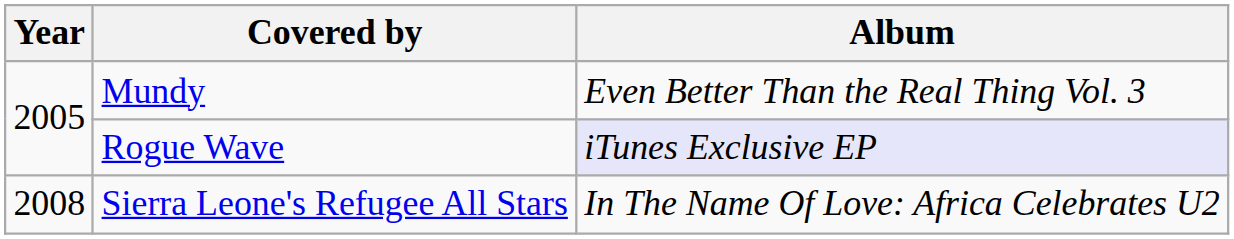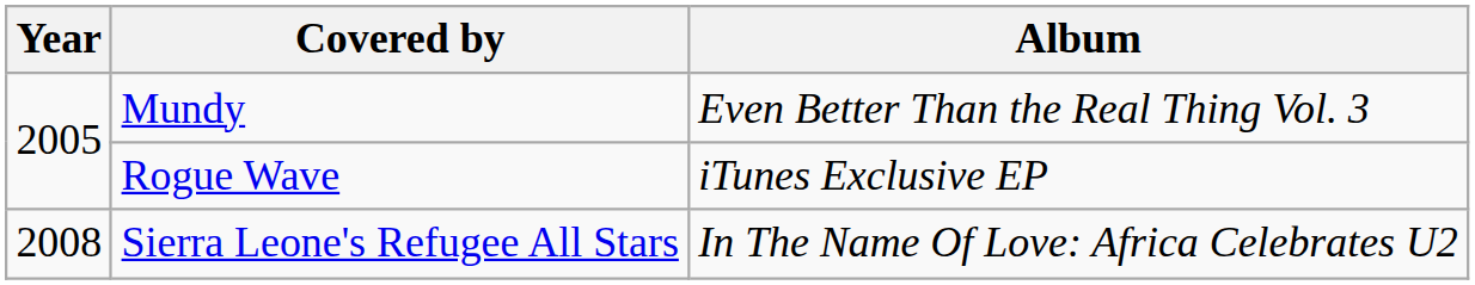 <table class="wikitable">
 <tr>
 <th>Year</th>
 <th>Covered by</th>
 <th>Album</th>
 </tr>
 <tr>
 <td rowspan="2">2005</td>
 <td><a href='#'>Mundy</a></td>
 <td><em>Even Better Than the Real Thing Vol. 3</em></td>
 </tr>
 <tr>
 <td><a href='#'>Rogue Wave</a></td>
-<td style="background: lavender;"><em>iTunes Exclusive EP</em></td>
+<td><em>iTunes Exclusive EP</em></td>
 </tr>
 <tr>
 <td>2008</td>
 <td><a href='#'>Sierra Leone's Refugee All Stars</a></td>
 <td><em>In The Name Of Love: Africa Celebrates U2</em></td>
 </tr>
 </table>
